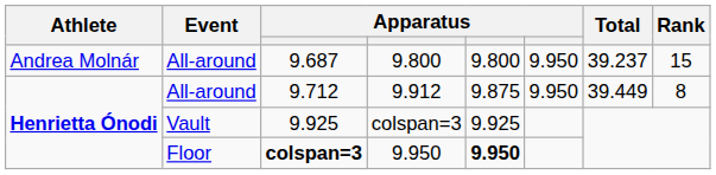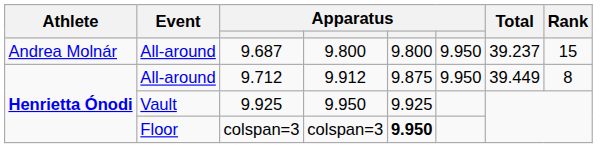 <table class="wikitable" style="font-size:90%">
 <tr>
 <th rowspan=2>Athlete</th>
 <th rowspan=2>Event</th>
 <th colspan=4>Apparatus</th>
 <th rowspan=2>Total</th>
 <th rowspan=2>Rank</th>
 </tr>
 <tr style="font-size:95%">
 <th></th>
 <th></th>
 <th></th>
 <th></th>
 </tr>
 <tr align=center>
 <td align=left><a href='#'>Andrea Molnár</a></td>
 <td align=left><a href='#'>All-around</a></td>
 <td>9.687</td>
 <td>9.800</td>
 <td>9.800</td>
 <td>9.950</td>
 <td>39.237</td>
 <td>15</td>
 </tr>
 <tr align=center>
 <td align=left rowspan=3><strong><a href='#'>Henrietta Ónodi</a></strong></td>
 <td align=left><a href='#'>All-around</a></td>
 <td>9.712</td>
 <td>9.912</td>
 <td>9.875</td>
 <td>9.950</td>
 <td>39.449</td>
 <td>8</td>
 </tr>
 <tr align=center>
 <td align=left><a href='#'>Vault</a></td>
 <td>9.925</td>
-<td>colspan=3</td>
+<td>9.950</td>
 <td>9.925</td>
 <td></td>
 </tr>
 <tr align=center>
 <td align=left><a href='#'>Floor</a></td>
-<td><strong>colspan=3</strong></td>
-<td>9.950</td>
+<td>colspan=3</td>
+<td>colspan=3</td>
 <td><strong>9.950</strong></td>
 <td></td>
 </tr>
 </table>
